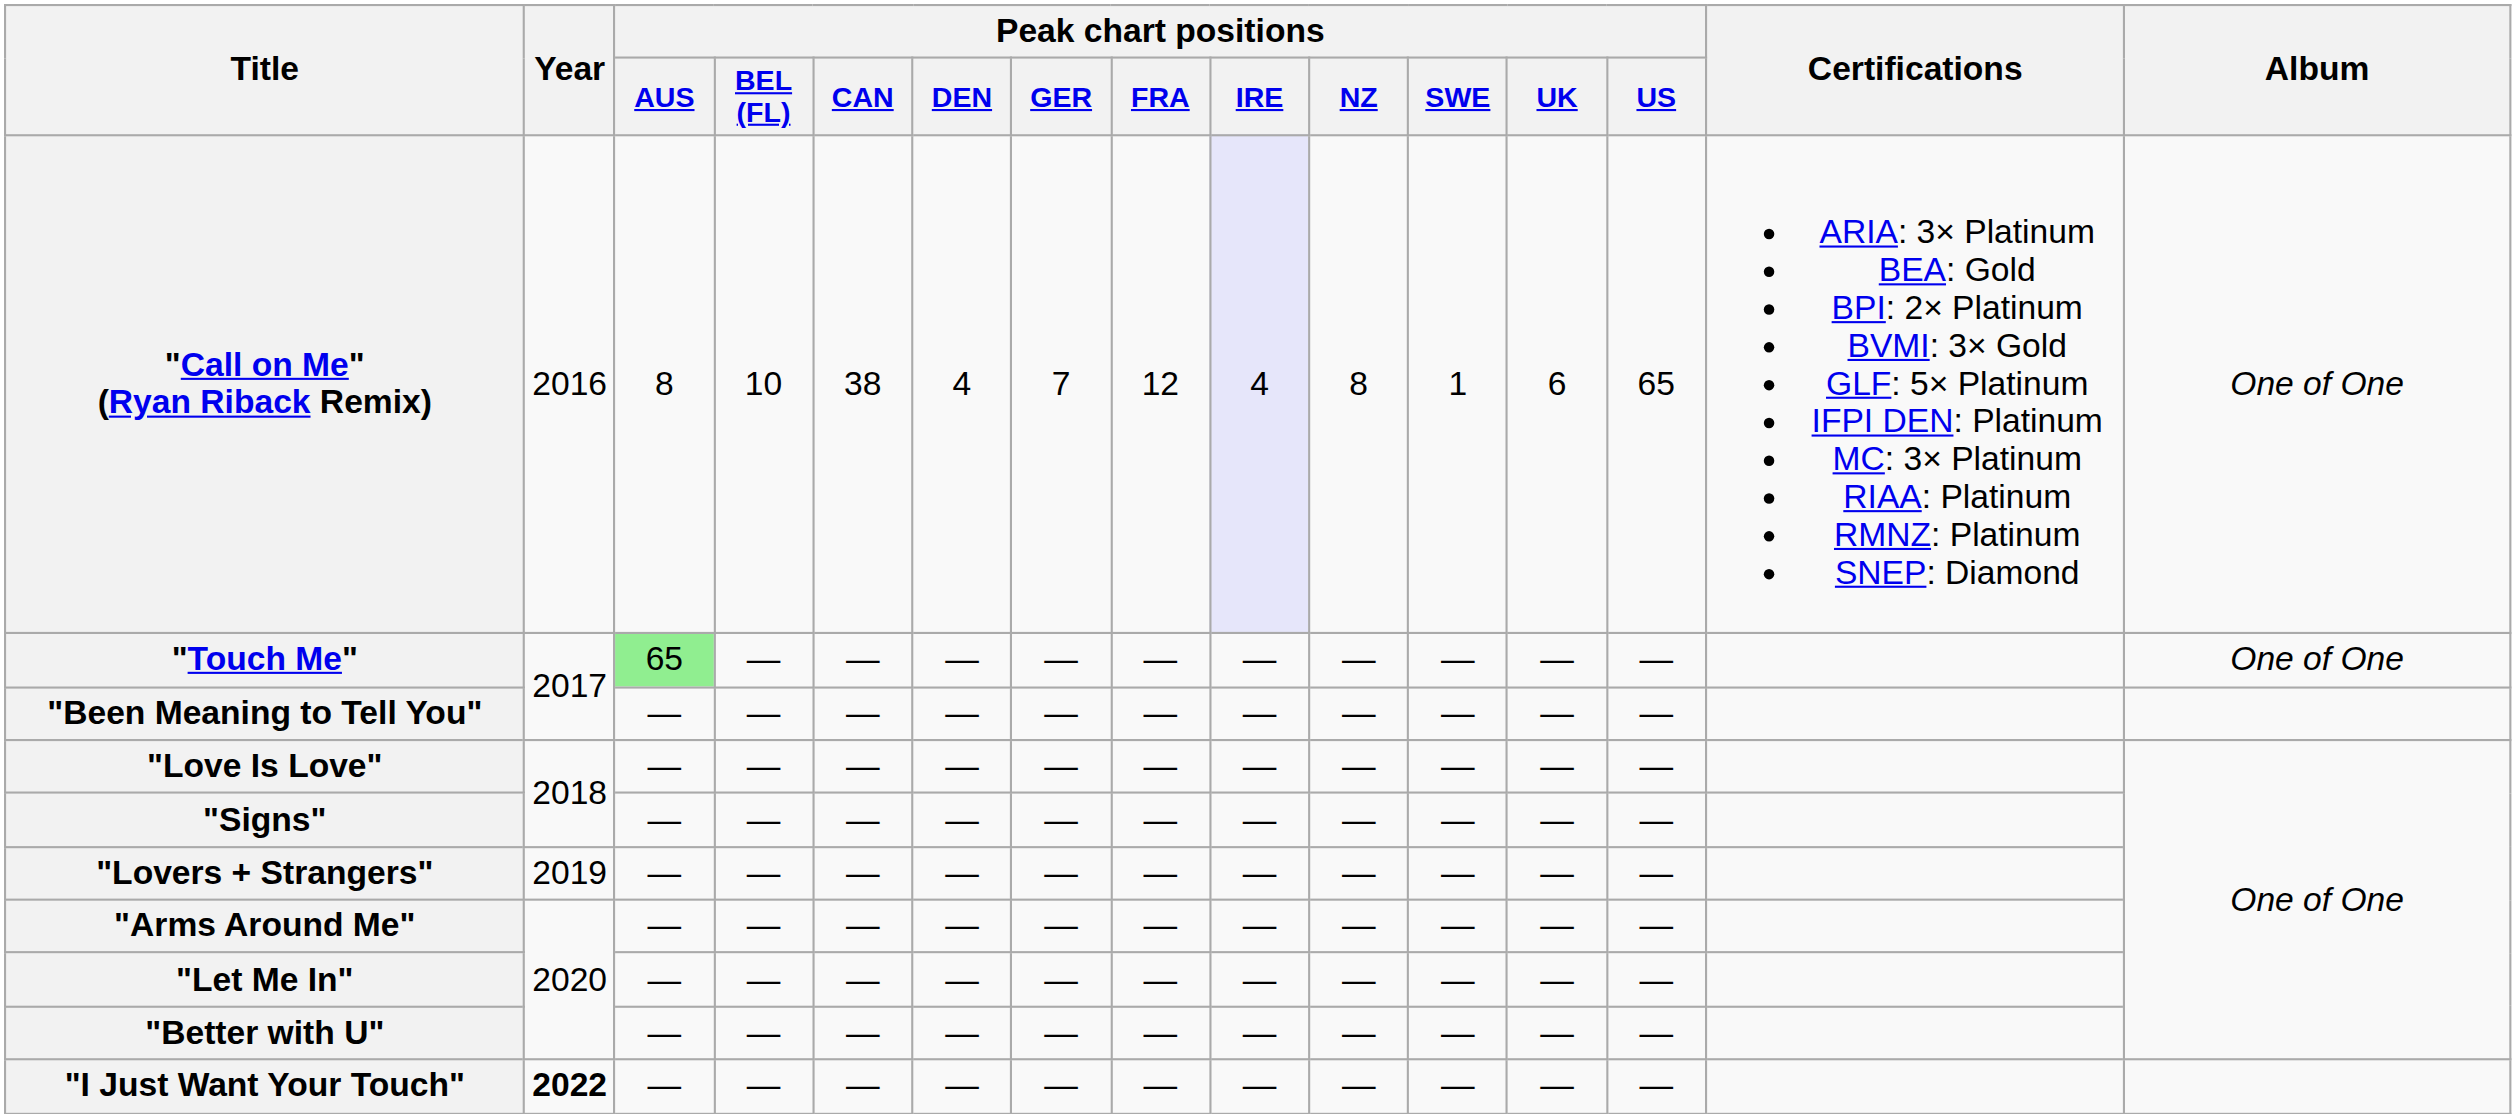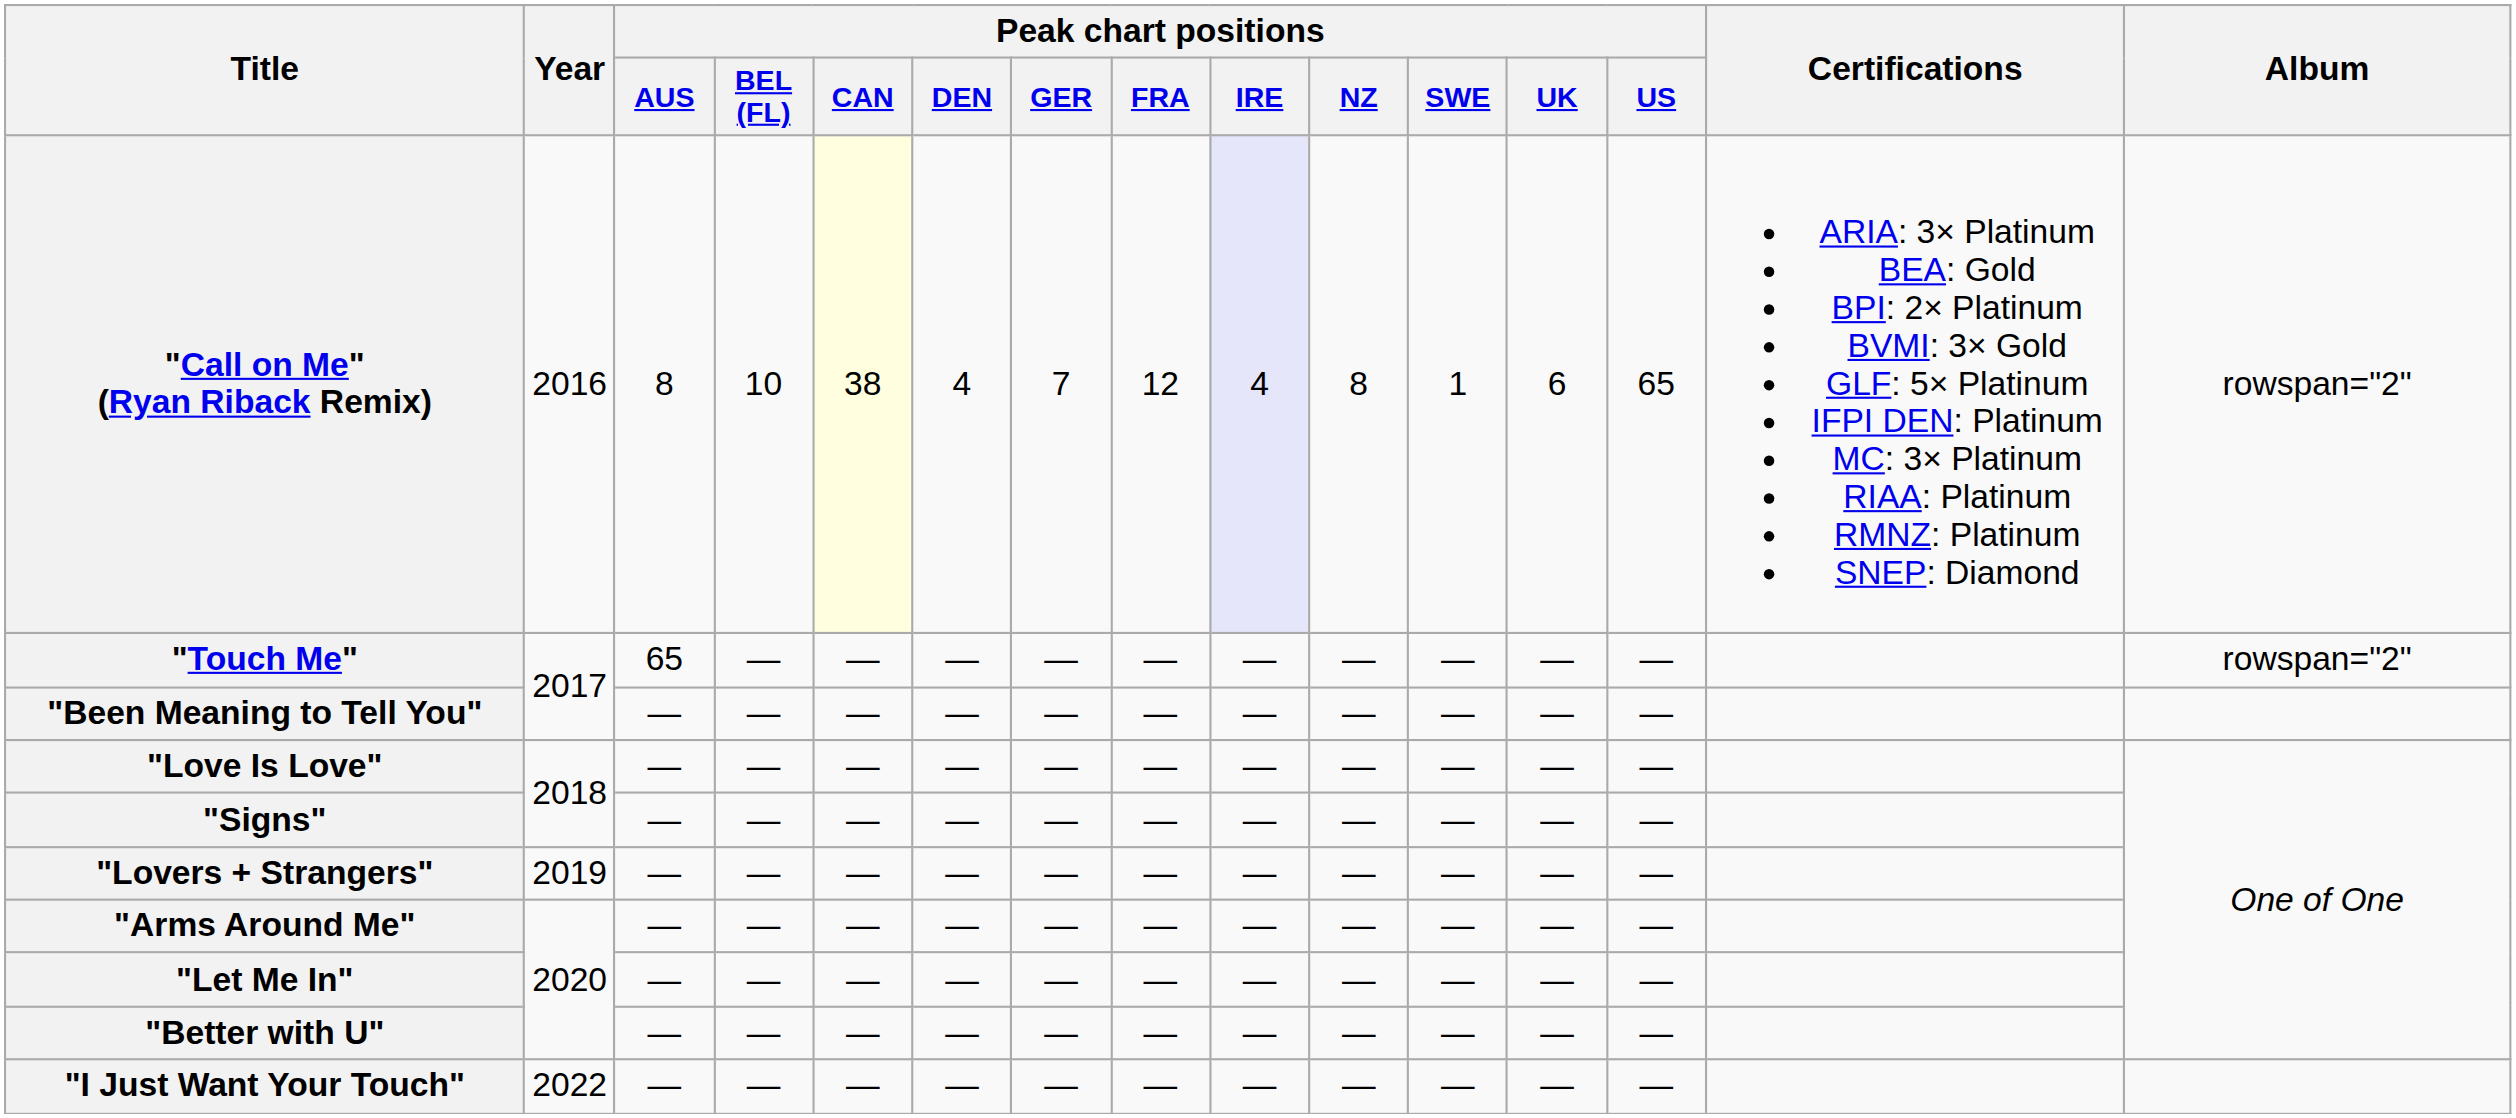 <table class="wikitable plainrowheaders" style="text-align:center;">
 <tr>
 <th scope="col" rowspan="2" style="width:15em;">Title</th>
 <th scope="col" rowspan="2" style="width:1em;">Year</th>
 <th scope="col" colspan="11">Peak chart positions</th>
 <th scope="col" rowspan="2" style="width:12em;">Certifications</th>
 <th scope="col" rowspan="2" style="width:11em;">Album</th>
 </tr>
 <tr>
 <th scope="col" style="width:3em;font-size:85%;"><a href='#'>AUS</a><br></th>
 <th scope="col" style="width:3em;font-size:85%;"><a href='#'>BEL<br>(FL)</a><br></th>
 <th scope="col" style="width:3em;font-size:85%;"><a href='#'>CAN</a><br></th>
 <th scope="col" style="width:3em;font-size:85%;"><a href='#'>DEN</a><br></th>
 <th scope="col" style="width:3em;font-size:85%;"><a href='#'>GER</a><br></th>
 <th scope="col" style="width:3em;font-size:85%;"><a href='#'>FRA</a><br></th>
 <th scope="col" style="width:3em;font-size:85%;"><a href='#'>IRE</a><br></th>
 <th scope="col" style="width:3em;font-size:85%;"><a href='#'>NZ</a><br></th>
 <th scope="col" style="width:3em;font-size:85%;"><a href='#'>SWE</a><br></th>
 <th scope="col" style="width:3em;font-size:85%;"><a href='#'>UK</a><br></th>
 <th scope="col" style="width:3em;font-size:85%;"><a href='#'>US</a><br></th>
 </tr>
 <tr>
 <th scope="row">"<a href='#'>Call on Me</a>"<br><span>(<a href='#'>Ryan Riback</a> Remix)</span></th>
 <td>2016</td>
 <td>8</td>
 <td>10</td>
-<td>38</td>
+<td style="background: lightyellow;">38</td>
 <td>4</td>
 <td>7</td>
 <td>12</td>
 <td style="background: lavender;">4</td>
 <td>8</td>
 <td>1</td>
 <td>6</td>
 <td>65</td>
 <td><br><ul><li><a href='#'>ARIA</a>: 3× Platinum</li><li><a href='#'>BEA</a>: Gold</li><li><a href='#'>BPI</a>: 2× Platinum</li><li><a href='#'>BVMI</a>: 3× Gold</li><li><a href='#'>GLF</a>: 5× Platinum</li><li><a href='#'>IFPI DEN</a>: Platinum</li><li><a href='#'>MC</a>: 3× Platinum</li><li><a href='#'>RIAA</a>: Platinum</li><li><a href='#'>RMNZ</a>: Platinum</li><li><a href='#'>SNEP</a>: Diamond</li></ul></td>
-<td><em>One of One</em></td>
+<td>rowspan="2" </td>
 </tr>
 <tr>
 <th scope="row">"<a href='#'>Touch Me</a>"</th>
 <td rowspan="2">2017</td>
-<td style="background: lightgreen;">65</td>
+<td>65</td>
 <td>—</td>
 <td>—</td>
 <td>—</td>
 <td>—</td>
 <td>—</td>
 <td>—</td>
 <td>—</td>
 <td>—</td>
 <td>—</td>
 <td>—</td>
 <td></td>
-<td><em>One of One</em></td>
+<td>rowspan="2" </td>
 </tr>
 <tr>
 <th scope="row">"Been Meaning to Tell You"</th>
 <td>—</td>
 <td>—</td>
 <td>—</td>
 <td>—</td>
 <td>—</td>
 <td>—</td>
 <td>—</td>
 <td>—</td>
 <td>—</td>
 <td>—</td>
 <td>—</td>
 <td></td>
 </tr>
 <tr>
 <th scope="row">"Love Is Love"</th>
 <td rowspan="2">2018</td>
 <td>—</td>
 <td>—</td>
 <td>—</td>
 <td>—</td>
 <td>—</td>
 <td>—</td>
 <td>—</td>
 <td>—</td>
 <td>—</td>
 <td>—</td>
 <td>—</td>
 <td></td>
 <td rowspan="6"><em>One of One</em></td>
 </tr>
 <tr>
 <th scope="row">"Signs"</th>
 <td>—</td>
 <td>—</td>
 <td>—</td>
 <td>—</td>
 <td>—</td>
 <td>—</td>
 <td>—</td>
 <td>—</td>
 <td>—</td>
 <td>—</td>
 <td>—</td>
 <td></td>
 </tr>
 <tr>
 <th scope="row">"Lovers + Strangers"</th>
 <td>2019</td>
 <td>—</td>
 <td>—</td>
 <td>—</td>
 <td>—</td>
 <td>—</td>
 <td>—</td>
 <td>—</td>
 <td>—</td>
 <td>—</td>
 <td>—</td>
 <td>—</td>
 <td></td>
 </tr>
 <tr>
 <th scope="row">"Arms Around Me"</th>
 <td rowspan="3">2020</td>
 <td>—</td>
 <td>—</td>
 <td>—</td>
 <td>—</td>
 <td>—</td>
 <td>—</td>
 <td>—</td>
 <td>—</td>
 <td>—</td>
 <td>—</td>
 <td>—</td>
 <td></td>
 </tr>
 <tr>
 <th scope="row">"Let Me In"</th>
 <td>—</td>
 <td>—</td>
 <td>—</td>
 <td>—</td>
 <td>—</td>
 <td>—</td>
 <td>—</td>
 <td>—</td>
 <td>—</td>
 <td>—</td>
 <td>—</td>
 <td></td>
 </tr>
 <tr>
 <th scope="row">"Better with U"</th>
 <td>—</td>
 <td>—</td>
 <td>—</td>
 <td>—</td>
 <td>—</td>
 <td>—</td>
 <td>—</td>
 <td>—</td>
 <td>—</td>
 <td>—</td>
 <td>—</td>
 <td></td>
 </tr>
 <tr>
 <th scope="row">"I Just Want Your Touch" <br> </th>
-<td><strong>2022</strong></td>
+<td>2022</td>
 <td>—</td>
 <td>—</td>
 <td>—</td>
 <td>—</td>
 <td>—</td>
 <td>—</td>
 <td>—</td>
 <td>—</td>
 <td>—</td>
 <td>—</td>
 <td>—</td>
 <td></td>
 <td></td>
 </tr>
 </table>
